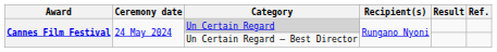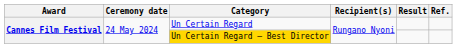 <table class="wikitable sortable plainrowheaders">
 <tr>
 <th scope="col">Award</th>
 <th scope="col">Ceremony date</th>
 <th scope="col">Category</th>
 <th scope="col">Recipient(s)</th>
 <th scope="col">Result</th>
 <th scope="col">Ref.</th>
 </tr>
 <tr>
 <th rowspan="2" scope="row"><a href='#'>Cannes Film Festival</a></th>
 <td rowspan="2"><a href='#'>24 May 2024</a></td>
-<td style="background: lightgrey;"><a href='#'>Un Certain Regard</a></td>
+<td><a href='#'>Un Certain Regard</a></td>
 <td rowspan="2"><a href='#'>Rungano Nyoni</a></td>
 <td></td>
 <td align="center"></td>
 </tr>
 <tr>
-<td>Un Certain Regard – Best Director</td>
+<td style="background: gold;">Un Certain Regard – Best Director</td>
 <td></td>
 <td align="center"></td>
 </tr>
 </table>
